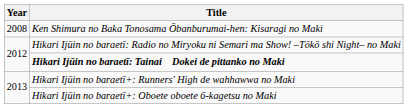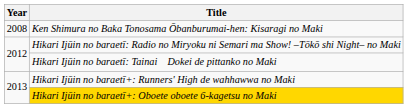 <table class="wikitable">
 <tr>
 <th>Year</th>
 <th>Title</th>
 </tr>
 <tr>
 <td>2008</td>
 <td><em>Ken Shimura no Baka Tonosama Ōbanburumai-hen: Kisaragi no Maki</em></td>
 </tr>
 <tr>
 <td rowspan="2">2012</td>
 <td><em>Hikari Ijūin no baraetī: Radio no Miryoku ni Semari ma Show! –Tōkō shi Night– no Maki</em></td>
 </tr>
 <tr>
-<td><strong><em>Hikari Ijūin no baraetī: Tainai　Dokei de pittanko no Maki</em></strong></td>
+<td><em>Hikari Ijūin no baraetī: Tainai　Dokei de pittanko no Maki</em></td>
 </tr>
 <tr>
 <td rowspan="2">2013</td>
 <td><em>Hikari Ijūin no baraetī+: Runners' High de wahhawwa no Maki</em></td>
 </tr>
 <tr>
-<td><em>Hikari Ijūin no baraetī+: Oboete oboete 6-kagetsu no Maki</em></td>
+<td style="background: gold;"><em>Hikari Ijūin no baraetī+: Oboete oboete 6-kagetsu no Maki</em></td>
 </tr>
 </table>
